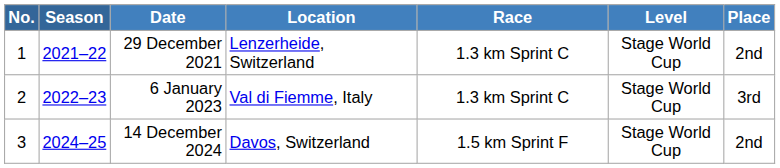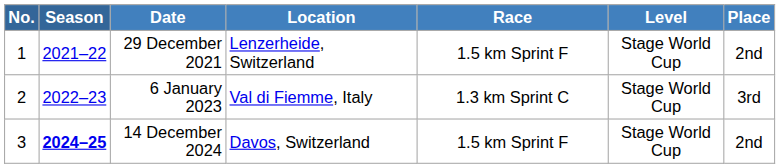 <table class="wikitable sortable" style="font-size:95%; text-align:center; border:grey solid 1px; border-collapse:collapse; background:#ffffff;">
 <tr style="background:#efefef;">
 <th style="background-color:#369; color:white;">No.</th>
 <th style="background-color:#369; color:white;">Season</th>
 <th style="background-color:#4180be; color:white; width:100px;">Date</th>
 <th style="background-color:#4180be; color:white; width:170px;">Location</th>
 <th style="background-color:#4180be; color:white; width:170px;">Race</th>
 <th style="background-color:#4180be; color:white; width:100px;">Level</th>
 <th style="background-color:#4180be; color:white;">Place</th>
 </tr>
 <tr>
 <td align=center>1</td>
 <td rowspan=1 align=center><a href='#'>2021–22</a></td>
 <td align=right>29 December 2021</td>
 <td align=left> <a href='#'>Lenzerheide</a>, Switzerland</td>
-<td>1.3 km Sprint C</td>
+<td>1.5 km Sprint F</td>
 <td>Stage World Cup</td>
 <td>2nd</td>
 </tr>
 <tr>
 <td align=center>2</td>
 <td rowspan=1 align=center><a href='#'>2022–23</a></td>
 <td align=right>6 January 2023</td>
 <td align=left> <a href='#'>Val di Fiemme</a>, Italy</td>
 <td>1.3 km Sprint C</td>
 <td>Stage World Cup</td>
 <td>3rd</td>
 </tr>
 <tr>
 <td align=center>3</td>
-<td rowspan=1 align=center><a href='#'>2024–25</a></td>
+<td rowspan=1 align=center><strong><a href='#'>2024–25</a></strong></td>
 <td align=right>14 December 2024</td>
 <td align=left> <a href='#'>Davos</a>, Switzerland</td>
 <td>1.5 km Sprint F</td>
 <td>Stage World Cup</td>
 <td>2nd</td>
 </tr>
 </table>
